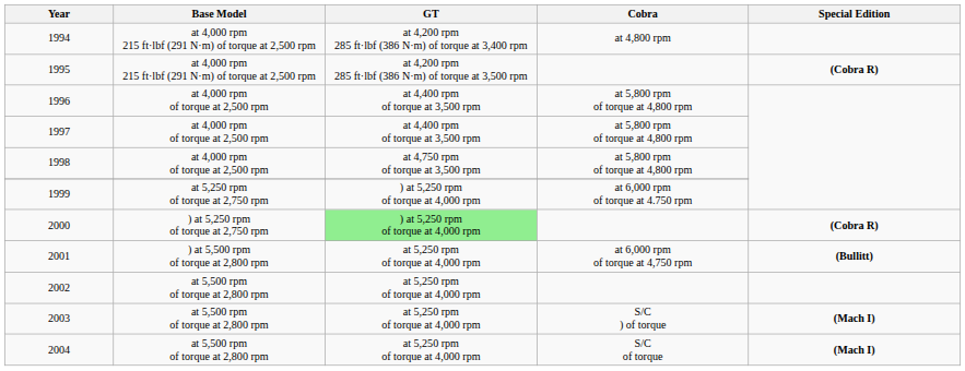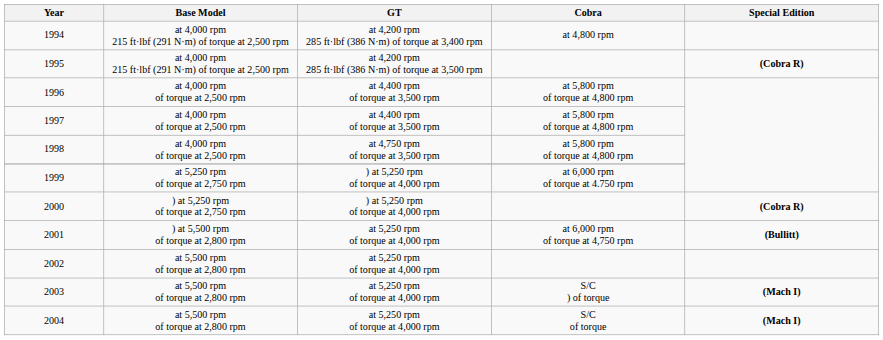 <table class="wikitable" style="font-size:90%; text-align:center">
 <tr>
 <th style="width:10em">Year</th>
 <th style="width:20em">Base Model</th>
 <th style="width:20em">GT</th>
 <th style="width:20em">Cobra</th>
 <th style="width:20em">Special Edition</th>
 </tr>
 <tr>
 <td>1994</td>
 <td> at 4,000 rpm<br>215 ft·lbf (291 N·m) of torque at 2,500 rpm</td>
 <td> at 4,200 rpm<br>285 ft·lbf (386 N·m) of torque at 3,400 rpm</td>
 <td> at 4,800 rpm </td>
 </tr>
 <tr>
 <td>1995</td>
 <td> at 4,000 rpm<br>215 ft·lbf (291 N·m) of torque at 2,500 rpm</td>
 <td> at 4,200 rpm<br>285 ft·lbf (386 N·m) of torque at 3,500 rpm</td>
 <td></td>
 <td> <strong>(Cobra R)</strong></td>
 </tr>
 <tr>
 <td>1996</td>
 <td> at 4,000 rpm<br> of torque at 2,500 rpm</td>
 <td> at 4,400 rpm<br> of torque at 3,500 rpm</td>
 <td> at 5,800 rpm<br> of torque at 4,800 rpm</td>
 </tr>
 <tr>
 <td>1997</td>
 <td> at 4,000 rpm<br> of torque at 2,500 rpm</td>
 <td> at 4,400 rpm<br> of torque at 3,500 rpm</td>
 <td> at 5,800 rpm<br> of torque at 4,800 rpm</td>
 </tr>
 <tr>
 <td>1998</td>
 <td> at 4,000 rpm<br> of torque at 2,500 rpm</td>
 <td> at 4,750 rpm<br> of torque at 3,500 rpm</td>
 <td> at 5,800 rpm<br> of torque at 4,800 rpm</td>
 </tr>
 <tr>
 </tr>
 <tr>
 <td>1999</td>
 <td> at 5,250 rpm<br> of torque at 2,750 rpm</td>
 <td>) at 5,250 rpm<br> of torque at 4,000 rpm</td>
 <td> at 6,000 rpm<br> of torque at 4.750 rpm</td>
 </tr>
 <tr>
 <td>2000</td>
 <td>) at 5,250 rpm<br> of torque at 2,750 rpm</td>
-<td style="background: lightgreen;">) at 5,250 rpm<br> of torque at 4,000 rpm</td>
+<td>) at 5,250 rpm<br> of torque at 4,000 rpm</td>
 <td></td>
 <td> <strong>(Cobra R)</strong></td>
 </tr>
 <tr>
 <td>2001</td>
 <td>) at 5,500 rpm<br> of torque at 2,800 rpm</td>
 <td> at 5,250 rpm<br> of torque at 4,000 rpm</td>
 <td> at 6,000 rpm<br> of torque at 4,750 rpm</td>
 <td> <strong>(Bullitt)</strong></td>
 </tr>
 <tr>
 <td>2002</td>
 <td> at 5,500 rpm<br> of torque at 2,800 rpm</td>
 <td> at 5,250 rpm<br> of torque at 4,000 rpm</td>
 <td></td>
 </tr>
 <tr>
 <td>2003</td>
 <td> at 5,500 rpm<br> of torque at 2,800 rpm</td>
 <td> at 5,250 rpm<br> of torque at 4,000 rpm</td>
 <td> S/C<br>) of torque</td>
 <td> <strong>(Mach I)</strong></td>
 </tr>
 <tr>
 <td>2004</td>
 <td> at 5,500 rpm<br> of torque at 2,800 rpm</td>
 <td> at 5,250 rpm<br> of torque at 4,000 rpm</td>
 <td> S/C<br> of torque</td>
 <td> <strong>(Mach I)</strong></td>
 </tr>
 </table>
